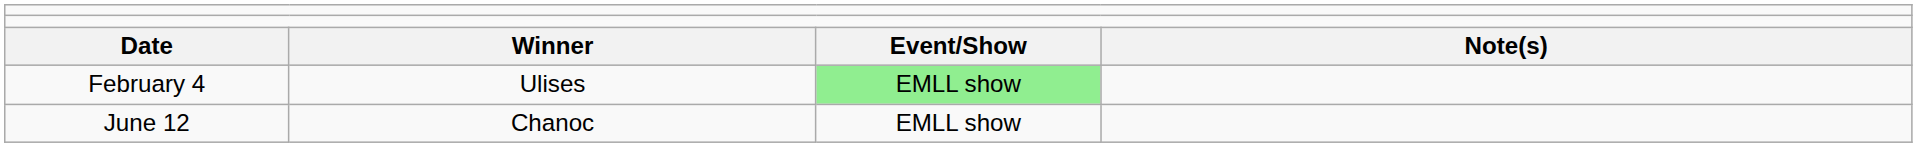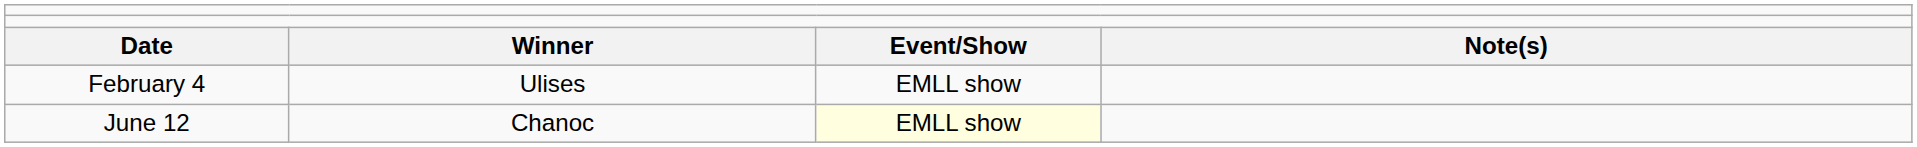 <table class="wikitable" style="text-align:center; width:100%;">
 <tr>
 <td colspan=5></td>
 </tr>
 <tr>
 <td colspan=5><strong></strong></td>
 </tr>
 <tr>
 <th width=14%>Date</th>
 <th width=26%>Winner</th>
 <th width=14%>Event/Show</th>
 <th width=40%>Note(s)</th>
 </tr>
 <tr>
 <td>February 4</td>
 <td>Ulises</td>
-<td style="background: lightgreen;">EMLL show</td>
+<td>EMLL show</td>
 <td align=left></td>
 </tr>
 <tr>
 <td>June 12</td>
 <td>Chanoc</td>
-<td>EMLL show</td>
+<td style="background: lightyellow;">EMLL show</td>
 <td align=left></td>
 </tr>
 </table>
